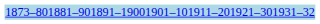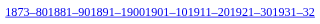 <table id="toc" class="toc" summary="Class">
 <tr>
 <th></th>
 </tr>
 <tr>
-<td style="background: lightblue; text-align:center;"><a href='#'>1873–80</a><a href='#'>1881–90</a><a href='#'>1891–1900</a><a href='#'>1901–10</a><a href='#'>1911–20</a><a href='#'>1921–30</a><a href='#'>1931–32</a></td>
+<td style="text-align:center;"><a href='#'>1873–80</a><a href='#'>1881–90</a><a href='#'>1891–1900</a><a href='#'>1901–10</a><a href='#'>1911–20</a><a href='#'>1921–30</a><a href='#'>1931–32</a></td>
 </tr>
 </table>
